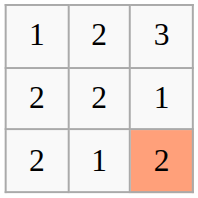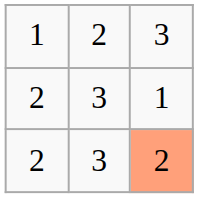 <table class="wikitable" style="margin-left:auto;margin-right:auto;text-align:center;width:6em;height:6em;table-layout:fixed;">
 <tr>
 <td>1</td>
 <td>2</td>
 <td>3</td>
 </tr>
 <tr>
 <td>2</td>
-<td>2</td>
+<td>3</td>
 <td>1</td>
 </tr>
 <tr>
 <td>2</td>
-<td>1</td>
+<td>3</td>
 <td style="background: lightsalmon;">2</td>
 </tr>
 </table>
